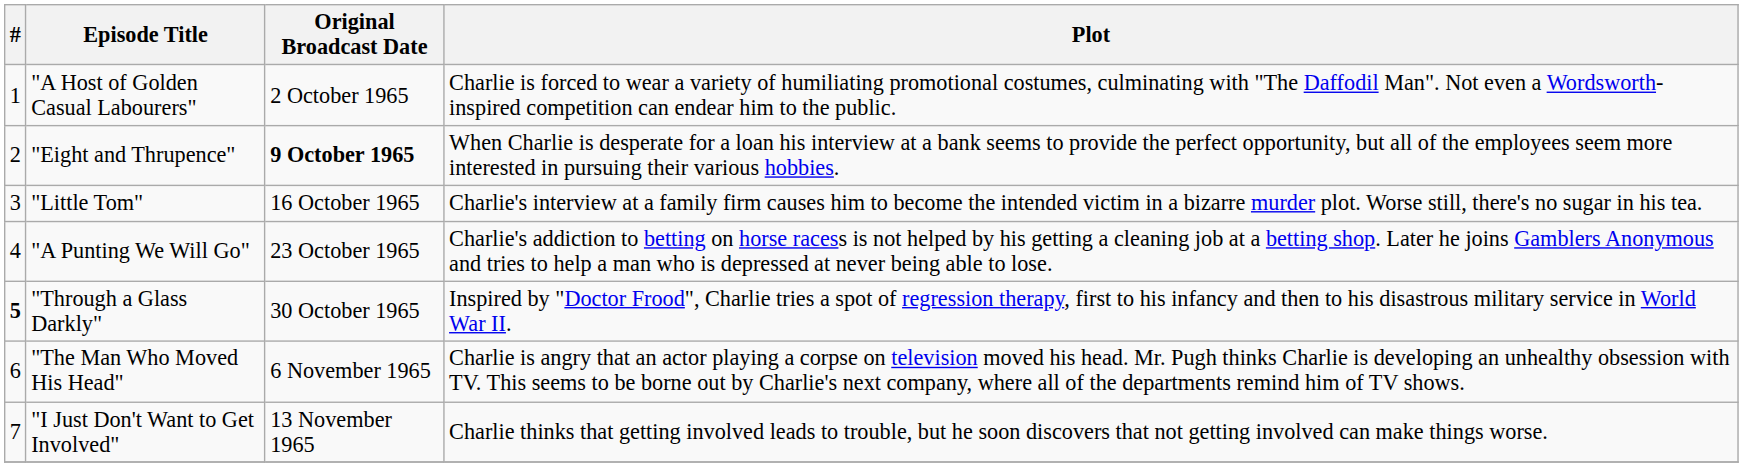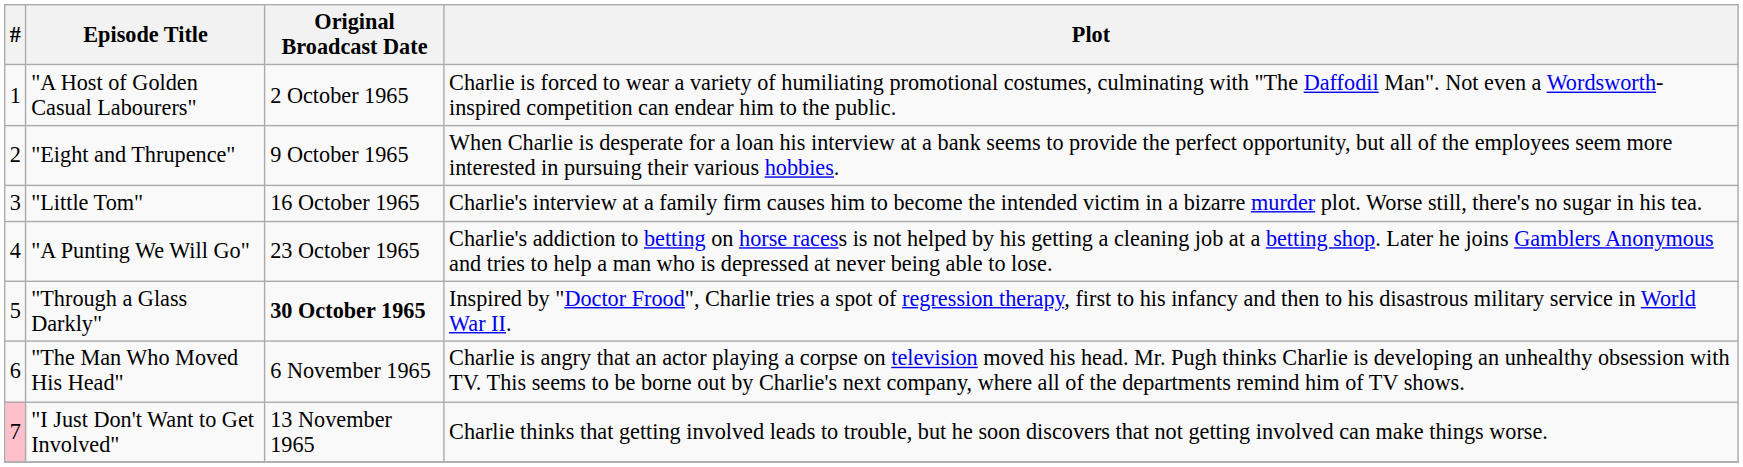 <table class="wikitable">
 <tr>
 <th>#</th>
 <th>Episode Title</th>
 <th>Original Broadcast Date</th>
 <th>Plot</th>
 </tr>
 <tr>
 <td>1</td>
 <td>"A Host of Golden Casual Labourers"</td>
 <td>2 October 1965</td>
 <td>Charlie is forced to wear a variety of humiliating promotional costumes, culminating with "The <a href='#'>Daffodil</a> Man". Not even a <a href='#'>Wordsworth</a>-inspired competition can endear him to the public.</td>
 </tr>
 <tr>
 <td>2</td>
 <td>"Eight and Thrupence"</td>
-<td><strong>9 October 1965</strong></td>
+<td>9 October 1965</td>
 <td>When Charlie is desperate for a loan his interview at a bank seems to provide the perfect opportunity, but all of the employees seem more interested in pursuing their various <a href='#'>hobbies</a>.</td>
 </tr>
 <tr>
 <td>3</td>
 <td>"Little Tom"</td>
 <td>16 October 1965</td>
 <td>Charlie's interview at a family firm causes him to become the intended victim in a bizarre <a href='#'>murder</a> plot. Worse still, there's no sugar in his tea.</td>
 </tr>
 <tr>
 <td>4</td>
 <td>"A Punting We Will Go"</td>
 <td>23 October 1965</td>
 <td>Charlie's addiction to <a href='#'>betting</a> on <a href='#'>horse races</a>s is not helped by his getting a cleaning job at a <a href='#'>betting shop</a>. Later he joins <a href='#'>Gamblers Anonymous</a> and tries to help a man who is depressed at never being able to lose.</td>
 </tr>
 <tr>
-<td><strong>5</strong></td>
+<td>5</td>
 <td>"Through a Glass Darkly"</td>
-<td>30 October 1965</td>
+<td><strong>30 October 1965</strong></td>
 <td>Inspired by "<a href='#'>Doctor Frood</a>", Charlie tries a spot of <a href='#'>regression therapy</a>, first to his infancy and then to his disastrous military service in <a href='#'>World War II</a>.</td>
 </tr>
 <tr>
 <td>6</td>
 <td>"The Man Who Moved His Head"</td>
 <td>6 November 1965</td>
 <td>Charlie is angry that an actor playing a corpse on <a href='#'>television</a> moved his head. Mr. Pugh thinks Charlie is developing an unhealthy obsession with TV. This seems to be borne out by Charlie's next company, where all of the departments remind him of TV shows.</td>
 </tr>
 <tr>
-<td>7</td>
+<td style="background: pink;">7</td>
 <td>"I Just Don't Want to Get Involved"</td>
 <td>13 November 1965</td>
 <td>Charlie thinks that getting involved leads to trouble, but he soon discovers that not getting involved can make things worse.</td>
 </tr>
 <tr>
 </tr>
 </table>
